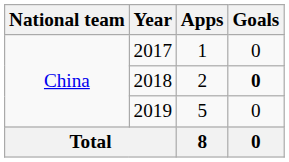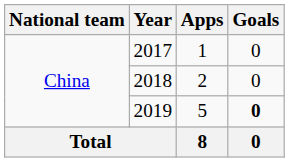 <table class="wikitable" style="text-align:center">
 <tr>
 <th>National team</th>
 <th>Year</th>
 <th>Apps</th>
 <th>Goals</th>
 </tr>
 <tr>
 <td rowspan="3"><a href='#'>China</a></td>
 <td>2017</td>
 <td>1</td>
 <td>0</td>
 </tr>
 <tr>
 <td>2018</td>
 <td>2</td>
-<td><strong>0</strong></td>
+<td>0</td>
 </tr>
 <tr>
 <td>2019</td>
 <td>5</td>
-<td>0</td>
+<td><strong>0</strong></td>
 </tr>
 <tr>
 <th colspan=2>Total</th>
 <th>8</th>
 <th>0</th>
 </tr>
 </table>
